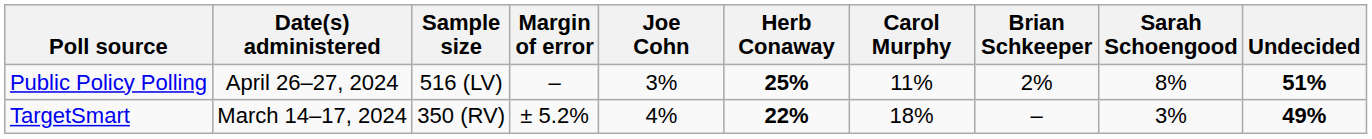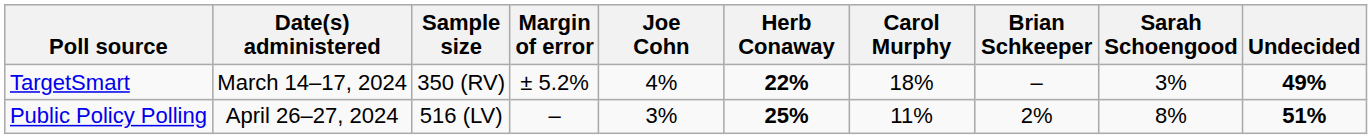 <table class="wikitable" style="font-size:90%;text-align:center;">
 <tr valign=bottom>
 <th>Poll source</th>
 <th>Date(s)<br>administered</th>
 <th>Sample<br>size</th>
 <th>Margin<br>of error</th>
 <th style="width:75px;">Joe<br>Cohn</th>
 <th style="width:75px;">Herb<br>Conaway</th>
 <th style="width:75px;">Carol<br>Murphy</th>
 <th style="width:75px;">Brian<br>Schkeeper</th>
 <th style="width:75px;">Sarah<br>Schoengood</th>
 <th>Undecided</th>
 </tr>
 <tr>
+<td style="text-align:left"><a href='#'>TargetSmart</a></td>
+<td>March 14–17, 2024</td>
+<td>350 (RV)</td>
+<td>± 5.2%</td>
+<td>4%</td>
+<td><strong>22%</strong></td>
+<td>18%</td>
+<td>–</td>
+<td>3%</td>
+<td><strong>49%</strong></td>
+</tr>
+<tr>
 <td style="text-align:left"><a href='#'>Public Policy Polling</a></td>
 <td>April 26–27, 2024</td>
 <td>516 (LV)</td>
 <td>–</td>
 <td>3%</td>
 <td><strong>25%</strong></td>
 <td>11%</td>
 <td>2%</td>
 <td>8%</td>
 <td><strong>51%</strong></td>
 </tr>
-<tr>
-<td style="text-align:left"><a href='#'>TargetSmart</a></td>
-<td>March 14–17, 2024</td>
-<td>350 (RV)</td>
-<td>± 5.2%</td>
-<td>4%</td>
-<td><strong>22%</strong></td>
-<td>18%</td>
-<td>–</td>
-<td>3%</td>
-<td><strong>49%</strong></td>
-</tr>
 </table>
